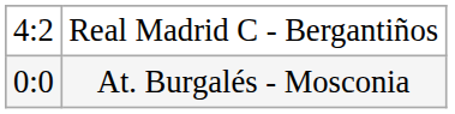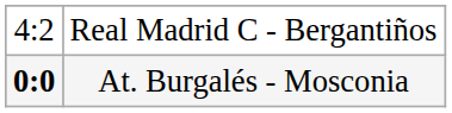 <table class="wikitable">
 <tr align=center bgcolor=white>
 <td>4:2</td>
 <td>Real Madrid C - Bergantiños</td>
 </tr>
 <tr align=center bgcolor=#F5F5F5>
-<td>0:0</td>
+<td><strong>0:0</strong></td>
 <td>At. Burgalés - Mosconia</td>
 </tr>
 </table>
